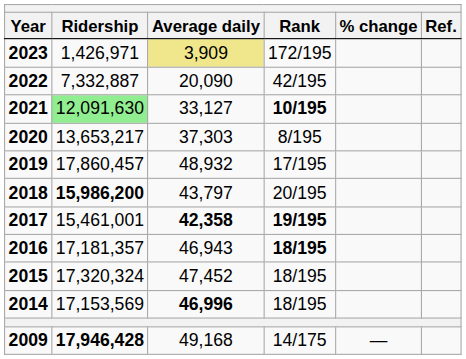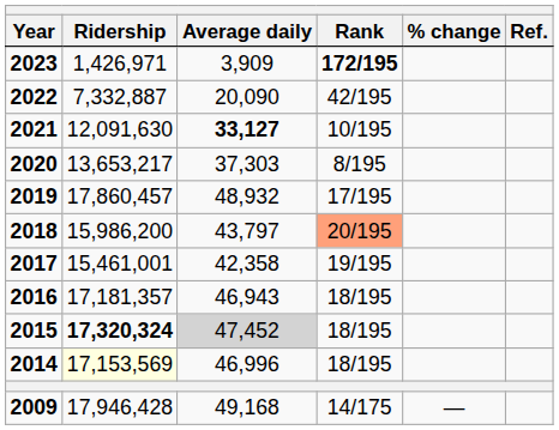 <table class="wikitable sortable" style="text-align:right;">
 <tr>
 <th colspan="6" style="background-color:#"></th>
 </tr>
 <tr style="font-size:95%; text-align:center">
 <th style="border-bottom:1px solid black">Year</th>
 <th style="border-bottom:1px solid black">Ridership</th>
 <th style="border-bottom:1px solid black">Average daily</th>
 <th style="border-bottom:1px solid black">Rank</th>
 <th style="border-bottom:1px solid black">% change</th>
 <th style="border-bottom:1px solid black">Ref.</th>
 </tr>
 <tr style="text-align:center;">
 <td><strong>2023</strong></td>
 <td>1,426,971</td>
-<td style="background: khaki;">3,909</td>
-<td>172/195</td>
+<td>3,909</td>
+<td><strong>172/195</strong></td>
 <td></td>
 <td></td>
 </tr>
 <tr style="text-align:center;">
 <td><strong>2022</strong></td>
 <td>7,332,887</td>
 <td>20,090</td>
 <td>42/195</td>
 <td></td>
 <td></td>
 </tr>
 <tr style="text-align:center;">
 <td><strong>2021</strong></td>
-<td style="background: lightgreen;">12,091,630</td>
-<td>33,127</td>
-<td><strong>10/195</strong></td>
+<td>12,091,630</td>
+<td><strong>33,127</strong></td>
+<td>10/195</td>
 <td></td>
 <td></td>
 </tr>
 <tr style="text-align:center;">
 <td><strong>2020</strong></td>
 <td>13,653,217</td>
 <td>37,303</td>
 <td>8/195</td>
 <td></td>
 <td></td>
 </tr>
 <tr style="text-align:center;">
 <td><strong>2019</strong></td>
 <td>17,860,457</td>
 <td>48,932</td>
 <td>17/195</td>
 <td></td>
 <td></td>
 </tr>
 <tr style="text-align:center;">
 <td><strong>2018</strong></td>
-<td><strong>15,986,200</strong></td>
+<td>15,986,200</td>
 <td>43,797</td>
-<td>20/195</td>
+<td style="background: lightsalmon;">20/195</td>
 <td></td>
 <td></td>
 </tr>
 <tr style="text-align:center;">
 <td><strong>2017</strong></td>
 <td>15,461,001</td>
-<td><strong>42,358</strong></td>
-<td><strong>19/195</strong></td>
+<td>42,358</td>
+<td>19/195</td>
 <td></td>
 <td></td>
 </tr>
 <tr style="text-align:center;">
 <td><strong>2016</strong></td>
 <td>17,181,357</td>
 <td>46,943</td>
-<td><strong>18/195</strong></td>
+<td>18/195</td>
 <td></td>
 <td></td>
 </tr>
 <tr style="text-align:center;">
 <td><strong>2015</strong></td>
-<td>17,320,324</td>
-<td>47,452</td>
+<td><strong>17,320,324</strong></td>
+<td style="background: lightgrey;">47,452</td>
 <td>18/195</td>
 <td></td>
 <td></td>
 </tr>
 <tr style="text-align:center;">
 <td><strong>2014</strong></td>
-<td>17,153,569</td>
-<td><strong>46,996</strong></td>
+<td style="background: lightyellow;">17,153,569</td>
+<td>46,996</td>
 <td>18/195</td>
 <td></td>
 <td></td>
 </tr>
 <tr>
 <th colspan="6" style="background-color:#"></th>
 </tr>
 <tr style="text-align:center;">
 <td><strong>2009</strong></td>
-<td><strong>17,946,428</strong></td>
+<td>17,946,428</td>
 <td>49,168</td>
 <td>14/175</td>
 <td>—</td>
 <td></td>
 </tr>
 </table>
